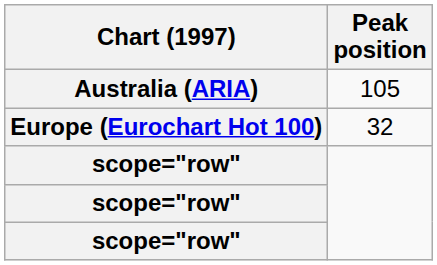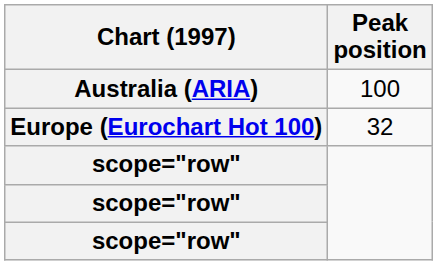 <table class="wikitable sortable plainrowheaders" style="text-align:center">
 <tr>
 <th scope="col">Chart (1997)</th>
 <th scope="col">Peak<br>position</th>
 </tr>
 <tr>
 <th scope="row">Australia (<a href='#'>ARIA</a>)</th>
-<td>105</td>
+<td>100</td>
 </tr>
 <tr>
 <th scope="row">Europe (<a href='#'>Eurochart Hot 100</a>)</th>
 <td>32</td>
 </tr>
 <tr>
 <th>scope="row"</th>
 </tr>
 <tr>
 <th>scope="row"</th>
 </tr>
 <tr>
 <th>scope="row"</th>
 </tr>
 </table>
